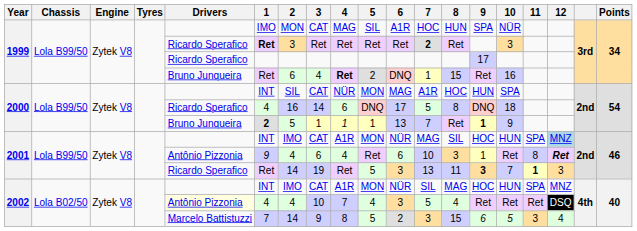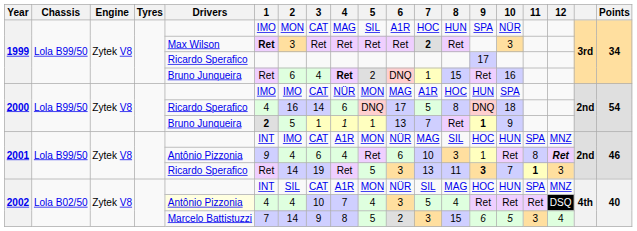 <table class="wikitable" style="text-align:center; font-size:85%">
 <tr>
 <th>Year</th>
 <th>Chassis</th>
 <th>Engine</th>
 <th>Tyres</th>
 <th>Drivers</th>
 <th>1</th>
 <th>2</th>
 <th>3</th>
 <th>4</th>
 <th>5</th>
 <th>6</th>
 <th>7</th>
 <th>8</th>
 <th>9</th>
 <th>10</th>
 <th>11</th>
 <th>12</th>
 <th></th>
 <th>Points</th>
 </tr>
 <tr>
 <th rowspan="4"><a href='#'>1999</a></th>
 <td rowspan="4"><a href='#'>Lola B99/50</a></td>
 <td rowspan="4">Zytek <a href='#'>V8</a></td>
 <td rowspan="4"></td>
 <td></td>
 <td><a href='#'>IMO</a></td>
 <td><a href='#'>MON</a></td>
 <td><a href='#'>CAT</a></td>
 <td><a href='#'>MAG</a></td>
 <td><a href='#'>SIL</a></td>
 <td><a href='#'>A1R</a></td>
 <td><a href='#'>HOC</a></td>
 <td><a href='#'>HUN</a></td>
 <td><a href='#'>SPA</a></td>
 <td><a href='#'>NÜR</a></td>
 <td></td>
 <td></td>
 <td rowspan="4" style="background:#FFDF9F;"><strong>3rd</strong></td>
 <td rowspan="4" style="background:#FFDF9F;"><strong>34</strong></td>
 </tr>
 <tr>
-<td align="left"> <a href='#'>Ricardo Sperafico</a></td>
+<td align="left"> <a href='#'>Max Wilson</a></td>
 <td style="background:#EFCFFF;"><strong>Ret</strong></td>
 <td style="background:#FFDF9F;">3</td>
 <td style="background:#EFCFFF;">Ret</td>
 <td style="background:#EFCFFF;">Ret</td>
 <td style="background:#EFCFFF;">Ret</td>
 <td style="background:#EFCFFF;">Ret</td>
 <td style="background:#DFDFDF;"><strong>2</strong></td>
 <td style="background:#EFCFFF;">Ret</td>
 <td></td>
 <td style="background:#FFDF9F;">3</td>
 <td></td>
 <td></td>
 </tr>
 <tr>
 <td align="left"> <a href='#'>Ricardo Sperafico</a></td>
 <td></td>
 <td></td>
 <td></td>
 <td></td>
 <td></td>
 <td></td>
 <td></td>
 <td></td>
 <td style="background:#CFCFFF;">17</td>
 <td></td>
 <td></td>
 <td></td>
 </tr>
 <tr>
 <td align="left"> <a href='#'>Bruno Junqueira</a></td>
 <td style="background:#EFCFFF;">Ret</td>
 <td style="background:#DFFFDF;">6</td>
 <td style="background:#DFFFDF;">4</td>
 <td style="background:#EFCFFF;"><strong>Ret</strong></td>
 <td style="background:#DFDFDF;">2</td>
 <td style="background:#FFCFCF;">DNQ</td>
 <td style="background:#FFFFBF;">1</td>
 <td style="background:#CFCFFF;">15</td>
 <td style="background:#EFCFFF;">Ret</td>
 <td style="background:#CFCFFF;">16</td>
 <td></td>
 <td></td>
 </tr>
 <tr>
 <th rowspan="3"><a href='#'>2000</a></th>
 <td rowspan="3"><a href='#'>Lola B99/50</a></td>
 <td rowspan="3">Zytek <a href='#'>V8</a></td>
 <td rowspan="3"></td>
 <td></td>
-<td><a href='#'>INT</a></td>
-<td><a href='#'>SIL</a></td>
+<td><a href='#'>IMO</a></td>
+<td><a href='#'>IMO</a></td>
 <td><a href='#'>CAT</a></td>
 <td><a href='#'>NÜR</a></td>
 <td><a href='#'>MON</a></td>
 <td><a href='#'>MAG</a></td>
 <td><a href='#'>A1R</a></td>
 <td><a href='#'>HOC</a></td>
 <td><a href='#'>HUN</a></td>
 <td><a href='#'>SPA</a></td>
 <td></td>
 <td></td>
 <td rowspan="3" style="background:#DFDFDF;"><strong>2nd</strong></td>
 <td rowspan="3" style="background:#DFDFDF;"><strong>54</strong></td>
 </tr>
 <tr>
 <td align="left"> <a href='#'>Ricardo Sperafico</a></td>
 <td style="background:#DFFFDF;">4</td>
 <td style="background:#CFCFFF;">16</td>
 <td style="background:#CFCFFF;">14</td>
 <td style="background:#DFFFDF;">6</td>
 <td style="background:#FFCFCF;">DNQ</td>
 <td style="background:#CFCFFF;">17</td>
 <td style="background:#DFFFDF;">5</td>
 <td style="background:#CFCFFF;">8</td>
 <td style="background:#FFCFCF;">DNQ</td>
 <td style="background:#CFCFFF;">18</td>
 <td></td>
 <td></td>
 </tr>
 <tr>
 <td align="left"> <a href='#'>Bruno Junqueira</a></td>
 <td style="background:#DFDFDF;"><strong>2</strong></td>
 <td style="background:#DFFFDF;">5</td>
 <td style="background:#FFFFBF;">1</td>
 <td style="background:#FFFFBF;"><em>1</em></td>
 <td style="background:#FFFFBF;">1</td>
 <td style="background:#CFCFFF;">13</td>
 <td style="background:#CFCFFF;">7</td>
 <td style="background:#EFCFFF;">Ret</td>
 <td style="background:#FFFFBF;"><strong>1</strong></td>
 <td style="background:#CFCFFF;">9</td>
 <td></td>
 <td></td>
 </tr>
 <tr>
 <th rowspan="3"><a href='#'>2001</a></th>
 <td rowspan="3"><a href='#'>Lola B99/50</a></td>
 <td rowspan="3">Zytek <a href='#'>V8</a></td>
 <td rowspan="3"></td>
 <td></td>
 <td><a href='#'>INT</a></td>
 <td><a href='#'>IMO</a></td>
 <td><a href='#'>CAT</a></td>
 <td><a href='#'>A1R</a></td>
 <td><a href='#'>MON</a></td>
 <td><a href='#'>NÜR</a></td>
 <td><a href='#'>MAG</a></td>
 <td><a href='#'>SIL</a></td>
 <td><a href='#'>HOC</a></td>
 <td><a href='#'>HUN</a></td>
 <td><a href='#'>SPA</a></td>
-<td style="background: lightblue;"><a href='#'>MNZ</a></td>
+<td><a href='#'>MNZ</a></td>
 <td rowspan="3" style="background:#DFDFDF;"><strong>2nd</strong></td>
 <td rowspan="3" style="background:#DFDFDF;"><strong>46</strong></td>
 </tr>
 <tr>
 <td align="left"> <a href='#'>Antônio Pizzonia</a></td>
 <td style="background:#CFCFFF;"><em>9</em></td>
 <td style="background:#DFFFDF;">4</td>
 <td style="background:#DFFFDF;">6</td>
 <td style="background:#DFFFDF;">4</td>
 <td style="background:#EFCFFF;">Ret</td>
 <td style="background:#DFFFDF;">6</td>
 <td style="background:#CFCFFF;">10</td>
 <td style="background:#FFDF9F;">3</td>
 <td style="background:#FFFFBF;">1</td>
 <td style="background:#EFCFFF;">Ret</td>
 <td style="background:#CFCFFF;">8</td>
 <td style="background:#EFCFFF;"><strong><em>Ret</em></strong></td>
 </tr>
 <tr>
 <td align="left"> <a href='#'>Ricardo Sperafico</a></td>
 <td style="background:#EFCFFF;">Ret</td>
 <td style="background:#CFCFFF;">14</td>
 <td style="background:#CFCFFF;">19</td>
 <td style="background:#EFCFFF;">Ret</td>
 <td style="background:#DFFFDF;">5</td>
 <td style="background:#FFDF9F;">3</td>
 <td style="background:#CFCFFF;">13</td>
 <td style="background:#CFCFFF;">11</td>
 <td style="background:#FFDF9F;"><strong>3</strong></td>
 <td style="background:#CFCFFF;">7</td>
 <td style="background:#FFFFBF;"><strong>1</strong></td>
 <td style="background:#FFDF9F;">3</td>
 </tr>
 <tr>
 <th rowspan="3"><a href='#'>2002</a></th>
 <td rowspan="3"><a href='#'>Lola B02/50</a></td>
 <td rowspan="3">Zytek <a href='#'>V8</a></td>
 <td rowspan="3"></td>
 <td></td>
 <td><a href='#'>INT</a></td>
-<td><a href='#'>IMO</a></td>
+<td><a href='#'>SIL</a></td>
 <td><a href='#'>CAT</a></td>
 <td><a href='#'>A1R</a></td>
 <td><a href='#'>MON</a></td>
 <td><a href='#'>NÜR</a></td>
 <td><a href='#'>SIL</a></td>
 <td><a href='#'>MAG</a></td>
 <td><a href='#'>HOC</a></td>
 <td><a href='#'>HUN</a></td>
 <td><a href='#'>SPA</a></td>
 <td><a href='#'>MNZ</a></td>
 <th rowspan="3"><strong>4th</strong></th>
 <th rowspan="3"><strong>40</strong></th>
 </tr>
 <tr>
 <td align="left" style="background: lightyellow;"> <a href='#'>Antônio Pizzonia</a></td>
 <td style="background:#DFFFDF;">4</td>
 <td style="background:#DFFFDF;">4</td>
 <td style="background:#CFCFFF;">10</td>
 <td style="background:#CFCFFF;">7</td>
 <td style="background:#DFFFDF;">4</td>
 <td style="background:#FFDF9F;">3</td>
 <td style="background:#DFFFDF;">5</td>
 <td style="background:#DFFFDF;">4</td>
 <td style="background:#EFCFFF;">Ret</td>
 <td style="background:#EFCFFF;">Ret</td>
 <td style="background:#EFCFFF;">Ret</td>
 <td style="background:#000000; color:#ffffff">DSQ</td>
 </tr>
 <tr>
 <td align="left"> <a href='#'>Marcelo Battistuzzi</a></td>
 <td style="background:#CFCFFF;">7</td>
 <td style="background:#CFCFFF;">14</td>
 <td style="background:#CFCFFF;">9</td>
 <td style="background:#CFCFFF;">8</td>
 <td style="background:#DFFFDF;">5</td>
 <td style="background:#DFDFDF;">2</td>
 <td style="background:#FFDF9F;">3</td>
 <td style="background:#CFCFFF;">15</td>
 <td style="background:#DFFFDF;"><em>6</em></td>
 <td style="background:#DFFFDF;"><em>5</em></td>
 <td style="background:#FFDF9F;">3</td>
 <td style="background:#DFFFDF;">4</td>
 </tr>
 </table>
